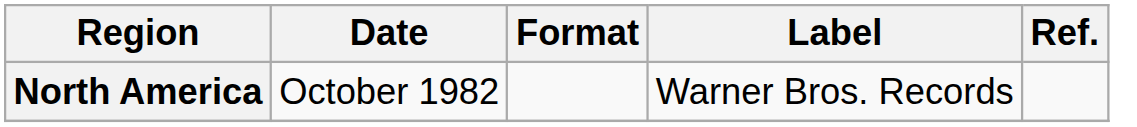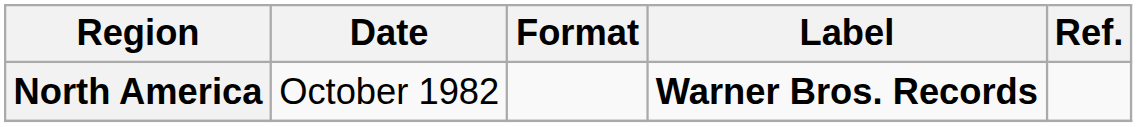 <table class="wikitable plainrowheaders">
 <tr>
 <th scope="col">Region</th>
 <th scope="col">Date</th>
 <th scope="col">Format</th>
 <th scope="col">Label</th>
 <th scope="col">Ref.</th>
 </tr>
 <tr>
 <th scope="row">North America</th>
 <td>October 1982</td>
 <td></td>
-<td>Warner Bros. Records</td>
+<td><strong>Warner Bros. Records</strong></td>
 <td></td>
 </tr>
 <tr>
 </tr>
 </table>
